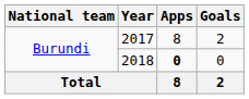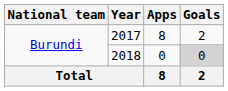 <table class="wikitable" style="text-align:center">
 <tr>
 <th>National team</th>
 <th>Year</th>
 <th>Apps</th>
 <th>Goals</th>
 </tr>
 <tr>
 <td rowspan="2"><a href='#'>Burundi</a></td>
 <td>2017</td>
 <td>8</td>
 <td>2</td>
 </tr>
 <tr>
 <td>2018</td>
-<td><strong>0</strong></td>
 <td>0</td>
+<td style="background: lightgrey;">0</td>
 </tr>
 <tr>
 <th colspan=2>Total</th>
 <th>8</th>
 <th>2</th>
 </tr>
 </table>
